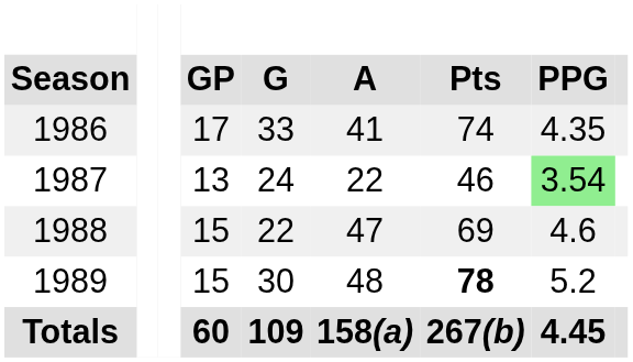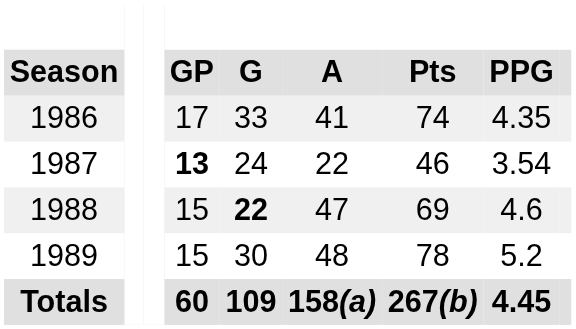 <table BORDER="0" CELLPADDING="3" CELLSPACING="0">
 <tr ALIGN="center" bgcolor="#e0e0e0">
 <th colspan="1" bgcolor="#ffffff"> </th>
 <th rowspan="99" bgcolor="#ffffff"> </th>
 <th rowspan="99" bgcolor="#ffffff"> </th>
 </tr>
 <tr ALIGN="center" bgcolor="#e0e0e0">
 <th>Season</th>
 <th>GP</th>
 <th>G</th>
 <th>A</th>
 <th>Pts</th>
 <th>PPG</th>
 <th></th>
 </tr>
 <tr ALIGN="center" bgcolor="#f0f0f0">
 <td>1986</td>
 <td>17</td>
 <td>33</td>
 <td>41</td>
 <td>74</td>
 <td>4.35</td>
 <td></td>
 </tr>
 <tr ALIGN="center">
 <td>1987</td>
-<td>13</td>
+<td><strong>13</strong></td>
 <td>24</td>
 <td>22</td>
 <td>46</td>
-<td style="background: lightgreen;">3.54</td>
+<td>3.54</td>
 <td></td>
 </tr>
 <tr ALIGN="center" bgcolor="#f0f0f0">
 <td>1988</td>
 <td>15</td>
-<td>22</td>
+<td><strong>22</strong></td>
 <td>47</td>
 <td>69</td>
 <td>4.6</td>
 <td></td>
 </tr>
 <tr ALIGN="center">
 <td>1989</td>
 <td>15</td>
 <td>30</td>
 <td>48</td>
-<td><strong>78</strong></td>
+<td>78</td>
 <td>5.2</td>
 <td></td>
 </tr>
 <tr ALIGN="center" bgcolor="#e0e0e0">
 <th colspan="1.5">Totals</th>
 <th>60</th>
 <th>109</th>
 <th>158<em>(a)</em></th>
 <th>267<em>(b)</em></th>
 <th>4.45</th>
 <th></th>
 </tr>
 </table>
